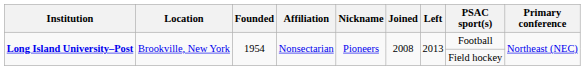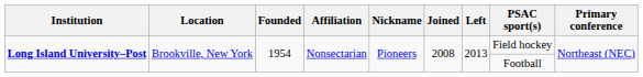 <table class="wikitable sortable" style="text-align:center">
 <tr>
 <th>Institution</th>
 <th>Location</th>
 <th>Founded</th>
 <th>Affiliation</th>
 <th>Nickname</th>
 <th>Joined</th>
 <th>Left</th>
 <th>PSAC<br>sport(s)</th>
 <th>Primary<br>conference</th>
 </tr>
 <tr>
 <td rowspan=2><strong><a href='#'>Long Island University–Post</a></strong></td>
 <td rowspan=2><a href='#'>Brookville, New York</a></td>
 <td rowspan=2>1954</td>
 <td rowspan=2><a href='#'>Nonsectarian</a></td>
 <td rowspan=2><a href='#'>Pioneers</a></td>
 <td rowspan=2>2008</td>
 <td rowspan=2>2013</td>
-<td>Football</td>
+<td>Field hockey</td>
 <td rowspan=2><a href='#'>Northeast (NEC)</a></td>
 </tr>
 <tr>
-<td>Field hockey</td>
+<td>Football</td>
 </tr>
 </table>
